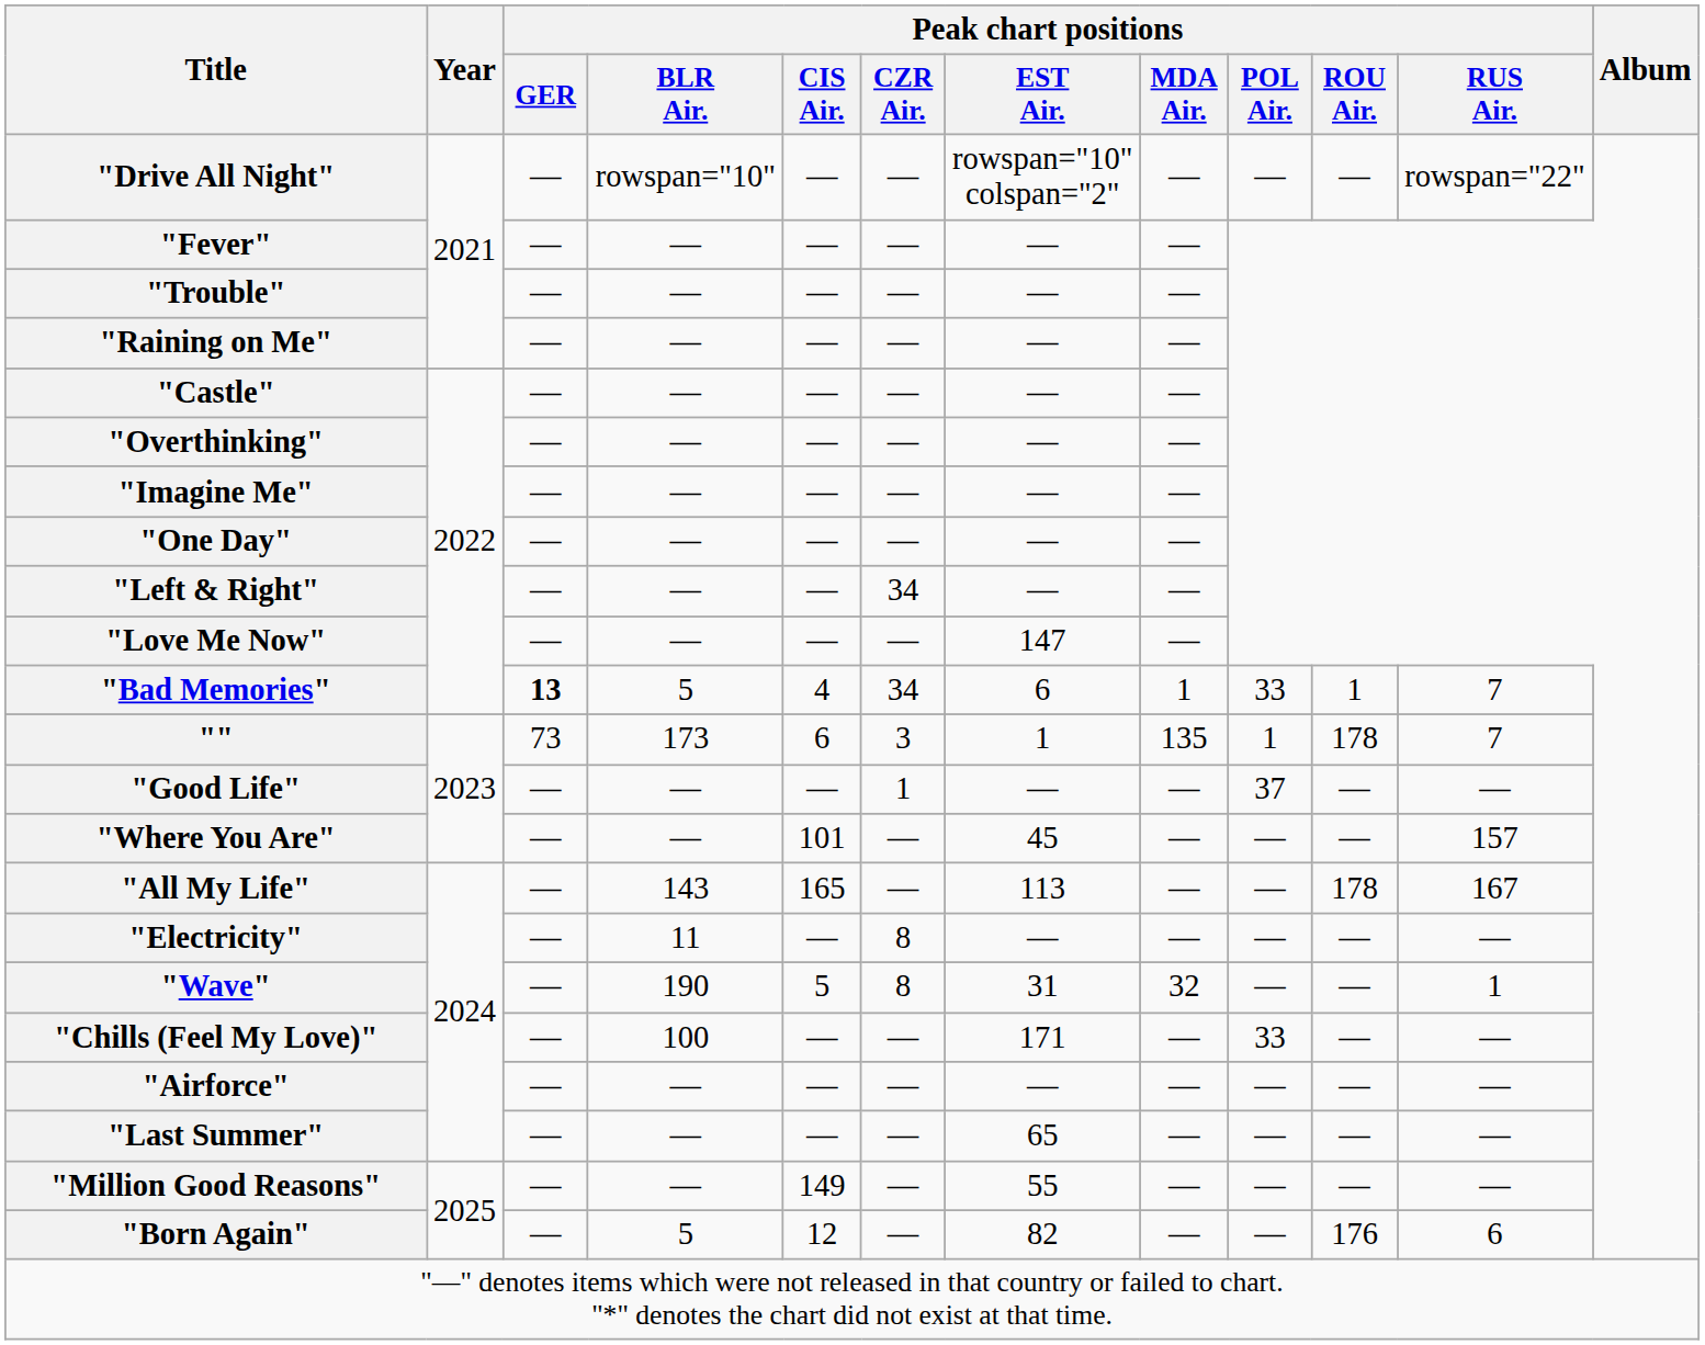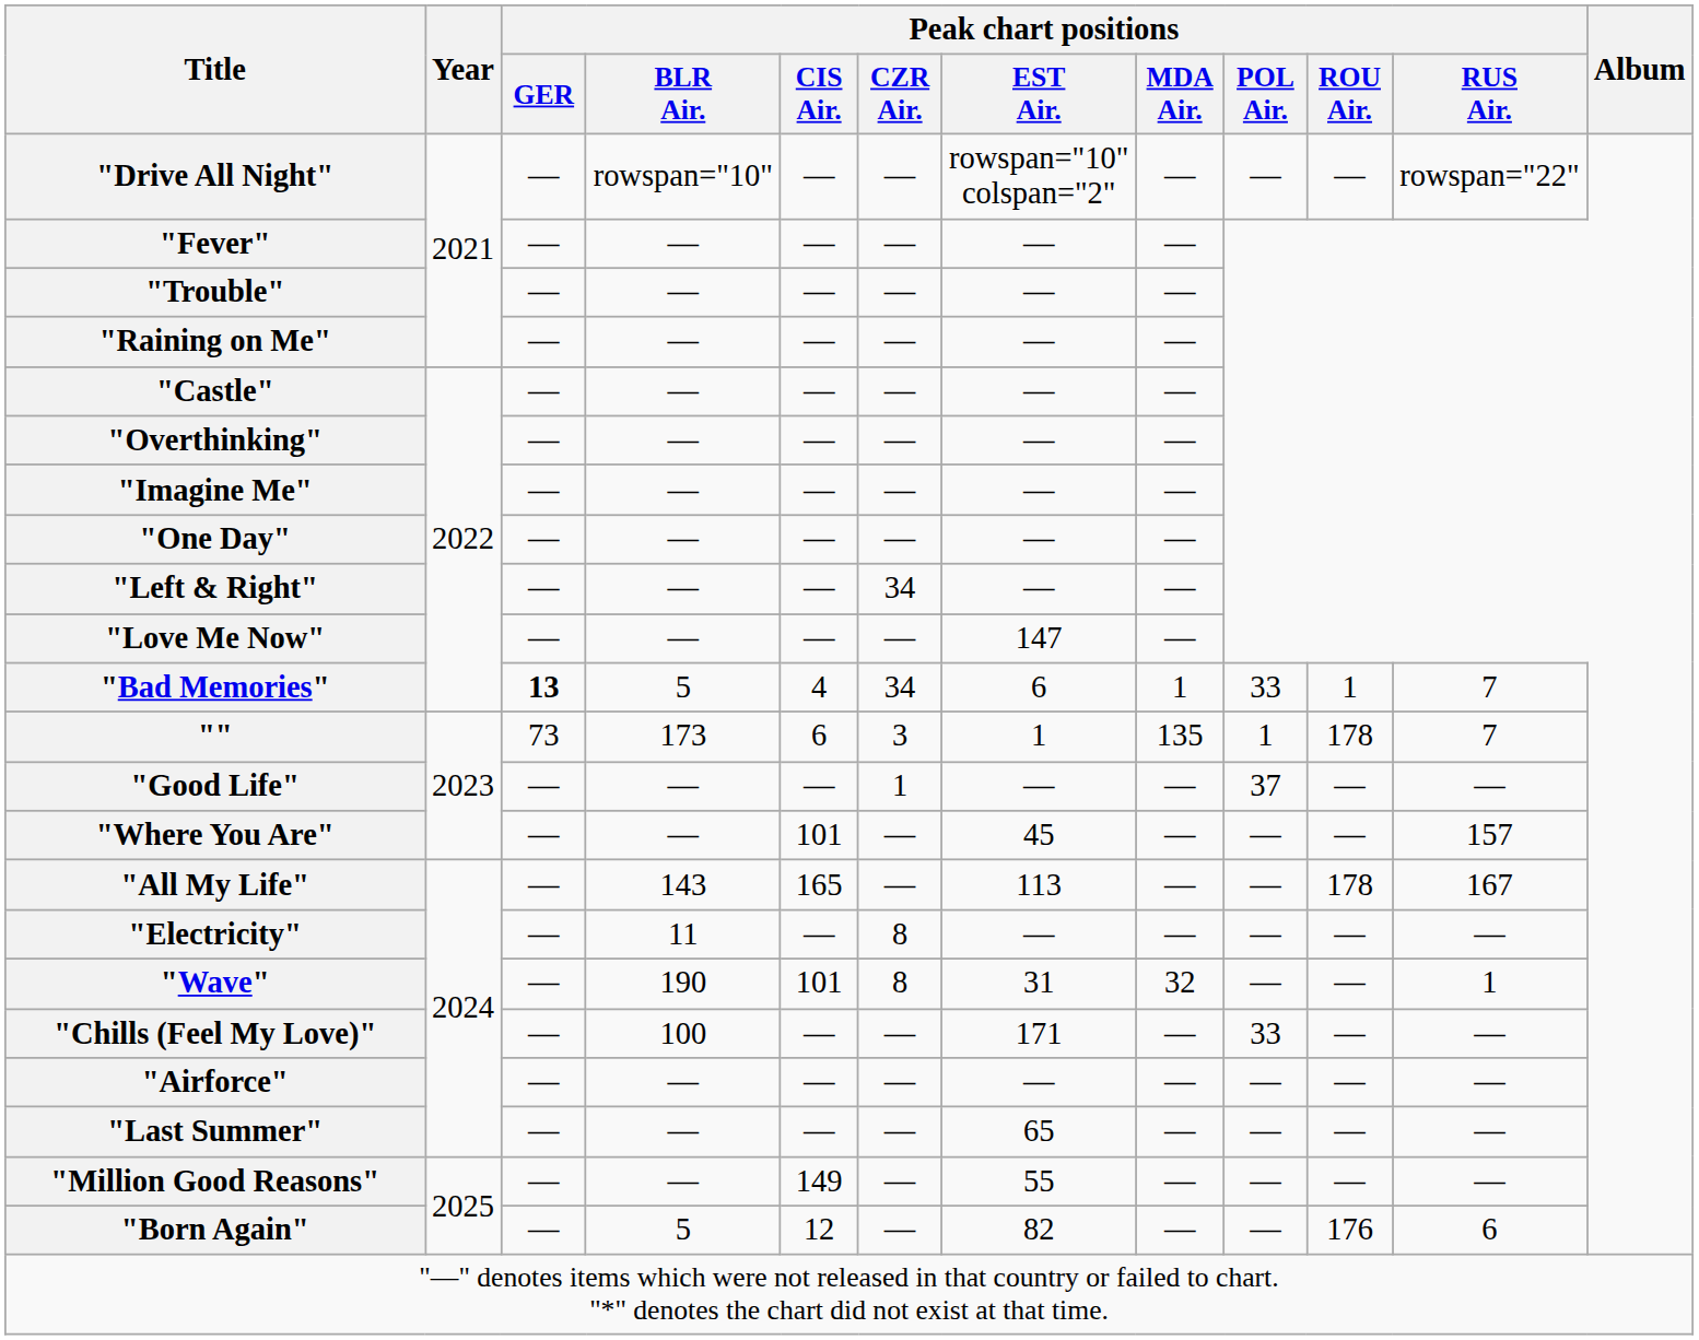 <table class="wikitable plainrowheaders" style="text-align:center;">
 <tr>
 <th scope="col" rowspan="2" style="width:20em;">Title</th>
 <th scope="col" rowspan="2" style="width:1em;">Year</th>
 <th colspan="9">Peak chart positions</th>
 <th scope="col" rowspan="2">Album</th>
 </tr>
 <tr>
 <th scope="col" style="width:3em;font-size:90%;"><a href='#'>GER</a><br></th>
 <th scope="col" style="width:3em;font-size:90%;"><a href='#'>BLR<br>Air.</a><br></th>
 <th scope="col" style="width:3em;font-size:90%;"><a href='#'>CIS<br>Air.</a><br></th>
 <th scope="col" style="width:3em;font-size:90%;"><a href='#'>CZR<br>Air.</a><br></th>
 <th scope="col" style="width:3em;font-size:90%;"><a href='#'>EST<br>Air.</a><br></th>
 <th scope="col" style="width:3em;font-size:90%;"><a href='#'>MDA<br>Air.</a><br></th>
 <th scope="col" style="width:3em;font-size:90%;"><a href='#'>POL<br>Air.</a><br></th>
 <th scope="col" style="width:3em;font-size:90%;"><a href='#'>ROU<br>Air.</a><br></th>
 <th scope="col" style="width:3em;font-size:90%;"><a href='#'>RUS<br>Air.</a><br></th>
 </tr>
 <tr>
 <th scope="row">"Drive All Night"<br></th>
 <td rowspan="4">2021</td>
 <td>—</td>
 <td>rowspan="10" </td>
 <td>—</td>
 <td>—</td>
 <td>rowspan="10" colspan="2" </td>
 <td>—</td>
 <td>—</td>
 <td>—</td>
 <td>rowspan="22" </td>
 </tr>
 <tr>
 <th scope="row">"Fever"<br></th>
 <td>—</td>
 <td>—</td>
 <td>—</td>
 <td>—</td>
 <td>—</td>
 <td>—</td>
 </tr>
 <tr>
 <th scope="row">"Trouble"<br></th>
 <td>—</td>
 <td>—</td>
 <td>—</td>
 <td>—</td>
 <td>—</td>
 <td>—</td>
 </tr>
 <tr>
 <th scope="row">"Raining on Me"<br></th>
 <td>—</td>
 <td>—</td>
 <td>—</td>
 <td>—</td>
 <td>—</td>
 <td>—</td>
 </tr>
 <tr>
 <th scope="row">"Castle"<br></th>
 <td rowspan="7">2022</td>
 <td>—</td>
 <td>—</td>
 <td>—</td>
 <td>—</td>
 <td>—</td>
 <td>—</td>
 </tr>
 <tr>
 <th scope="row">"Overthinking"<br></th>
 <td>—</td>
 <td>—</td>
 <td>—</td>
 <td>—</td>
 <td>—</td>
 <td>—</td>
 </tr>
 <tr>
 <th scope="row">"Imagine Me"<br></th>
 <td>—</td>
 <td>—</td>
 <td>—</td>
 <td>—</td>
 <td>—</td>
 <td>—</td>
 </tr>
 <tr>
 <th scope="row">"One Day"<br></th>
 <td>—</td>
 <td>—</td>
 <td>—</td>
 <td>—</td>
 <td>—</td>
 <td>—</td>
 </tr>
 <tr>
 <th scope="row">"Left & Right"<br></th>
 <td>—</td>
 <td>—</td>
 <td>—</td>
 <td>34</td>
 <td>—</td>
 <td>—</td>
 </tr>
 <tr>
 <th scope="row">"Love Me Now"<br></th>
 <td>—</td>
 <td>—</td>
 <td>—</td>
 <td>—</td>
 <td>147</td>
 <td>—</td>
 </tr>
 <tr>
 <th scope="row">"<a href='#'>Bad Memories</a>"<br></th>
 <td><strong>13</strong></td>
 <td>5</td>
 <td>4</td>
 <td>34</td>
 <td>6</td>
 <td>1</td>
 <td>33</td>
 <td>1</td>
 <td>7</td>
 </tr>
 <tr>
 <th scope="row">""<br></th>
 <td rowspan="3">2023</td>
 <td>73</td>
 <td>173</td>
 <td>6</td>
 <td>3</td>
 <td>1</td>
 <td>135</td>
 <td>1</td>
 <td>178</td>
 <td>7</td>
 </tr>
 <tr>
 <th scope="row">"Good Life"</th>
 <td>—</td>
 <td>—</td>
 <td>—</td>
 <td>1</td>
 <td>—</td>
 <td>—</td>
 <td>37</td>
 <td>—</td>
 <td>—</td>
 </tr>
 <tr>
 <th scope="row">"Where You Are"<br></th>
 <td>—</td>
 <td>—</td>
 <td>101</td>
 <td>—</td>
 <td>45</td>
 <td>—</td>
 <td>—</td>
 <td>—</td>
 <td>157</td>
 </tr>
 <tr>
 <th scope="row">"All My Life"<br></th>
 <td rowspan="6">2024</td>
 <td>—</td>
 <td>143</td>
 <td>165</td>
 <td>—</td>
 <td>113</td>
 <td>—</td>
 <td>—</td>
 <td>178</td>
 <td>167</td>
 </tr>
 <tr>
 <th scope="row">"Electricity"<br></th>
 <td>—</td>
 <td>11</td>
 <td>—</td>
 <td>8</td>
 <td>—</td>
 <td>—</td>
 <td>—</td>
 <td>—</td>
 <td>—</td>
 </tr>
 <tr>
 <th scope="row">"<a href='#'>Wave</a>"<br></th>
 <td>—</td>
 <td>190</td>
-<td>5</td>
+<td>101</td>
 <td>8</td>
 <td>31</td>
 <td>32</td>
 <td>—</td>
 <td>—</td>
 <td>1</td>
 </tr>
 <tr>
 <th scope="row">"Chills (Feel My Love)"<br></th>
 <td>—</td>
 <td>100</td>
 <td>—</td>
 <td>—</td>
 <td>171</td>
 <td>—</td>
 <td>33</td>
 <td>—</td>
 <td>—</td>
 </tr>
 <tr>
 <th scope="row">"Airforce"<br></th>
 <td>—</td>
 <td>—</td>
 <td>—</td>
 <td>—</td>
 <td>—</td>
 <td>—</td>
 <td>—</td>
 <td>—</td>
 <td>—</td>
 </tr>
 <tr>
 <th scope="row">"Last Summer"<br></th>
 <td>—</td>
 <td>—</td>
 <td>—</td>
 <td>—</td>
 <td>65</td>
 <td>—</td>
 <td>—</td>
 <td>—</td>
 <td>—</td>
 </tr>
 <tr>
 <th scope="row">"Million Good Reasons"<br></th>
 <td rowspan="2">2025</td>
 <td>—</td>
 <td>—</td>
 <td>149</td>
 <td>—</td>
 <td>55</td>
 <td>—</td>
 <td>—</td>
 <td>—</td>
 <td>—</td>
 </tr>
 <tr>
 <th scope="row">"Born Again"<br></th>
 <td>—</td>
 <td>5</td>
 <td>12</td>
 <td>—</td>
 <td>82</td>
 <td>—</td>
 <td>—</td>
 <td>176</td>
 <td>6</td>
 </tr>
 <tr>
 <td colspan="12" style="font-size:90%;">"—" denotes items which were not released in that country or failed to chart.<br>"*" denotes the chart did not exist at that time.</td>
 </tr>
 </table>
